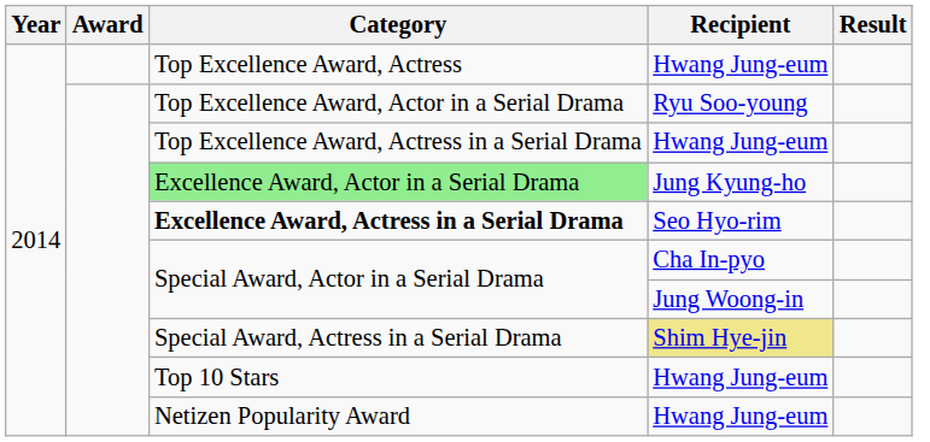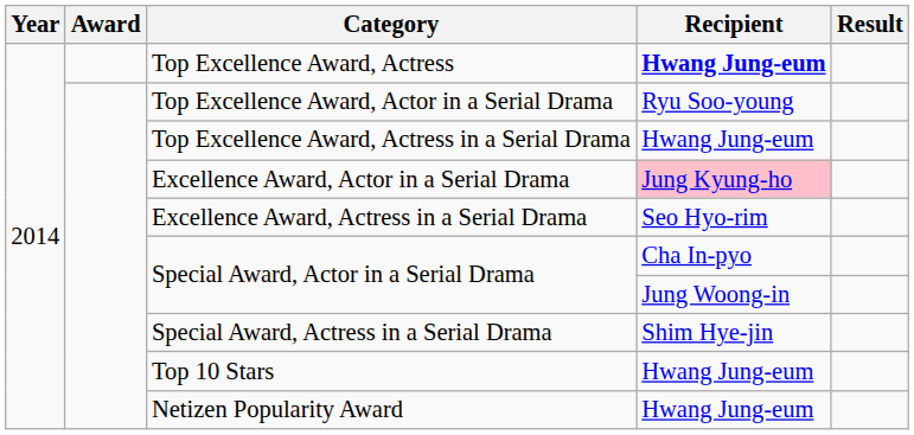 <table class="wikitable">
 <tr>
 <th>Year</th>
 <th>Award</th>
 <th>Category</th>
 <th>Recipient</th>
 <th>Result</th>
 </tr>
 <tr>
 <td rowspan=10>2014</td>
 <td></td>
 <td>Top Excellence Award, Actress</td>
-<td><a href='#'>Hwang Jung-eum</a></td>
+<td><strong><a href='#'>Hwang Jung-eum</a></strong></td>
 <td></td>
 </tr>
 <tr>
 <td rowspan=9></td>
 <td>Top Excellence Award, Actor in a Serial Drama</td>
 <td><a href='#'>Ryu Soo-young</a></td>
 <td></td>
 </tr>
 <tr>
 <td>Top Excellence Award, Actress in a Serial Drama</td>
 <td><a href='#'>Hwang Jung-eum</a></td>
 <td></td>
 </tr>
 <tr>
-<td style="background: lightgreen;">Excellence Award, Actor in a Serial Drama</td>
-<td><a href='#'>Jung Kyung-ho</a></td>
+<td>Excellence Award, Actor in a Serial Drama</td>
+<td style="background: pink;"><a href='#'>Jung Kyung-ho</a></td>
 <td></td>
 </tr>
 <tr>
-<td><strong>Excellence Award, Actress in a Serial Drama</strong></td>
+<td>Excellence Award, Actress in a Serial Drama</td>
 <td><a href='#'>Seo Hyo-rim</a></td>
 <td></td>
 </tr>
 <tr>
 <td rowspan=2>Special Award, Actor in a Serial Drama</td>
 <td><a href='#'>Cha In-pyo</a></td>
 <td></td>
 </tr>
 <tr>
 <td><a href='#'>Jung Woong-in</a></td>
 <td></td>
 </tr>
 <tr>
 <td>Special Award, Actress in a Serial Drama</td>
-<td style="background: khaki;"><a href='#'>Shim Hye-jin</a></td>
+<td><a href='#'>Shim Hye-jin</a></td>
 <td></td>
 </tr>
 <tr>
 <td>Top 10 Stars</td>
 <td><a href='#'>Hwang Jung-eum</a></td>
 <td></td>
 </tr>
 <tr>
 <td>Netizen Popularity Award</td>
 <td><a href='#'>Hwang Jung-eum</a></td>
 <td></td>
 </tr>
 </table>
